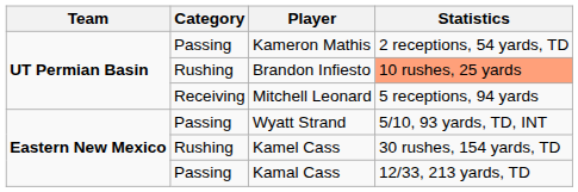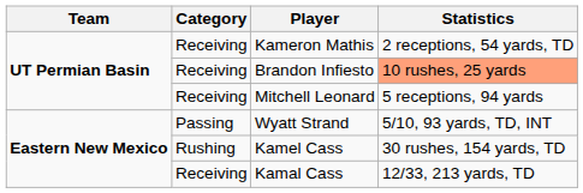 <table class="wikitable" style="float: right;">
 <tr>
 <th>Team</th>
 <th>Category</th>
 <th>Player</th>
 <th>Statistics</th>
 </tr>
 <tr>
 <td rowspan=3><strong>UT Permian Basin</strong></td>
-<td>Passing</td>
+<td>Receiving</td>
 <td>Kameron Mathis</td>
 <td>2 receptions, 54 yards, TD</td>
 </tr>
 <tr>
-<td>Rushing</td>
+<td>Receiving</td>
 <td>Brandon Infiesto</td>
 <td style="background: lightsalmon;">10 rushes, 25 yards</td>
 </tr>
 <tr>
 <td>Receiving</td>
 <td>Mitchell Leonard</td>
 <td>5 receptions, 94 yards</td>
 </tr>
 <tr>
 <td rowspan=3><strong>Eastern New Mexico</strong></td>
 <td>Passing</td>
 <td>Wyatt Strand</td>
 <td>5/10, 93 yards, TD, INT</td>
 </tr>
 <tr>
 <td>Rushing</td>
 <td>Kamel Cass</td>
 <td>30 rushes, 154 yards, TD</td>
 </tr>
 <tr>
-<td>Passing</td>
+<td>Receiving</td>
 <td>Kamal Cass</td>
 <td>12/33, 213 yards, TD</td>
 </tr>
 </table>
